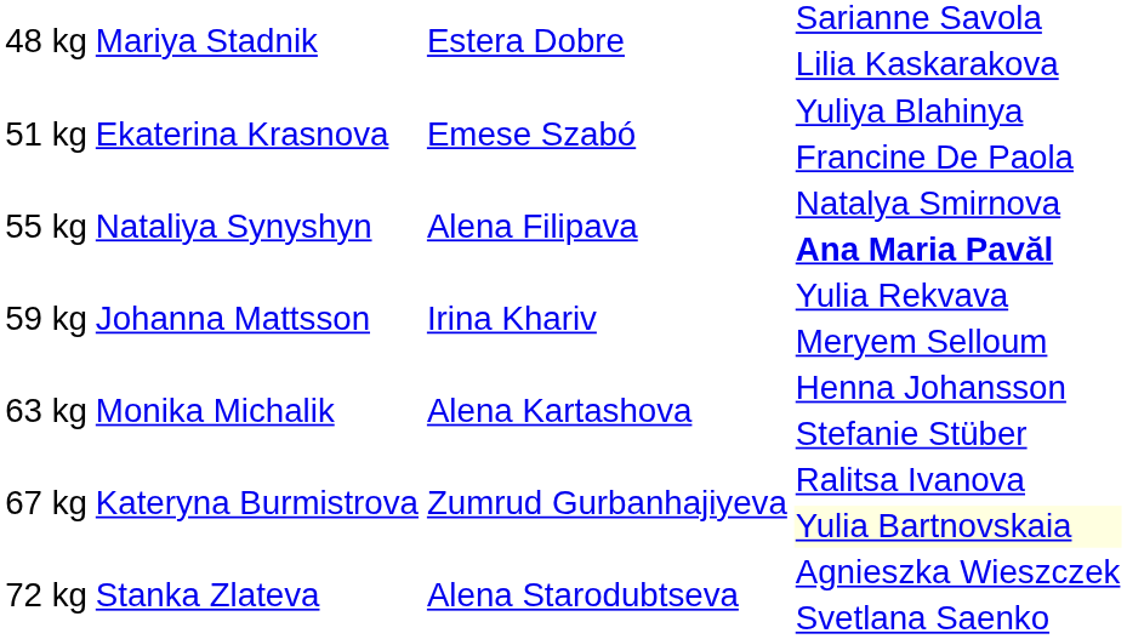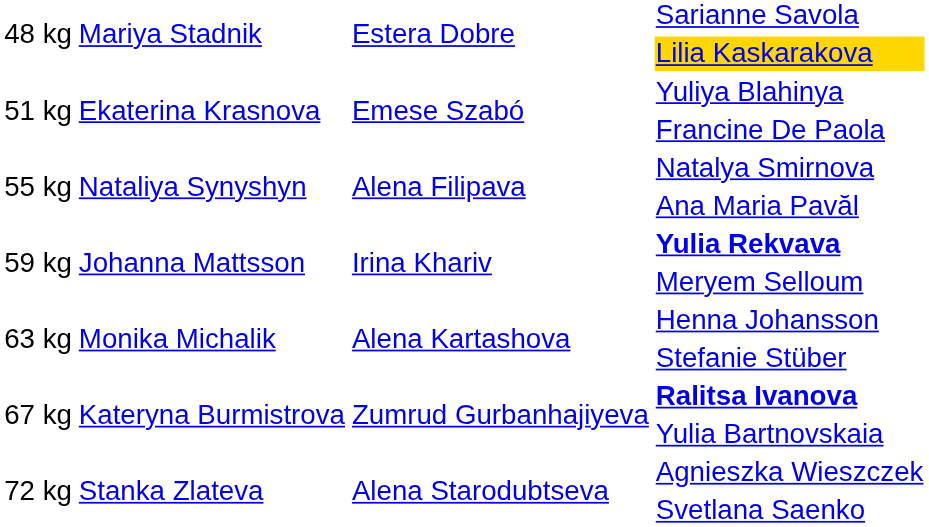 <table>
 <tr>
 <td rowspan=2>48 kg</td>
 <td rowspan=2> <a href='#'>Mariya Stadnik</a></td>
 <td rowspan=2> <a href='#'>Estera Dobre</a></td>
 <td> <a href='#'>Sarianne Savola</a></td>
 </tr>
 <tr>
-<td> <a href='#'>Lilia Kaskarakova</a></td>
+<td style="background: gold;"> <a href='#'>Lilia Kaskarakova</a></td>
 </tr>
 <tr>
 <td rowspan=2>51 kg</td>
 <td rowspan=2> <a href='#'>Ekaterina Krasnova</a></td>
 <td rowspan=2> <a href='#'>Emese Szabó</a></td>
 <td> <a href='#'>Yuliya Blahinya</a></td>
 </tr>
 <tr>
 <td> <a href='#'>Francine De Paola</a></td>
 </tr>
 <tr>
 <td rowspan=2>55 kg</td>
 <td rowspan=2> <a href='#'>Nataliya Synyshyn</a></td>
 <td rowspan=2> <a href='#'>Alena Filipava</a></td>
 <td> <a href='#'>Natalya Smirnova</a></td>
 </tr>
 <tr>
-<td><strong> <a href='#'>Ana Maria Pavăl</a></strong></td>
+<td> <a href='#'>Ana Maria Pavăl</a></td>
 </tr>
 <tr>
 <td rowspan=2>59 kg</td>
 <td rowspan=2> <a href='#'>Johanna Mattsson</a></td>
 <td rowspan=2> <a href='#'>Irina Khariv</a></td>
-<td> <a href='#'>Yulia Rekvava</a></td>
+<td><strong> <a href='#'>Yulia Rekvava</a></strong></td>
 </tr>
 <tr>
 <td> <a href='#'>Meryem Selloum</a></td>
 </tr>
 <tr>
 <td rowspan=2>63 kg</td>
 <td rowspan=2> <a href='#'>Monika Michalik</a></td>
 <td rowspan=2> <a href='#'>Alena Kartashova</a></td>
 <td> <a href='#'>Henna Johansson</a></td>
 </tr>
 <tr>
 <td> <a href='#'>Stefanie Stüber</a></td>
 </tr>
 <tr>
 <td rowspan=2>67 kg</td>
 <td rowspan=2> <a href='#'>Kateryna Burmistrova</a></td>
 <td rowspan=2> <a href='#'>Zumrud Gurbanhajiyeva</a></td>
-<td> <a href='#'>Ralitsa Ivanova</a></td>
+<td><strong> <a href='#'>Ralitsa Ivanova</a></strong></td>
 </tr>
 <tr>
-<td style="background: lightyellow;"> <a href='#'>Yulia Bartnovskaia</a></td>
+<td> <a href='#'>Yulia Bartnovskaia</a></td>
 </tr>
 <tr>
 <td rowspan=2>72 kg</td>
 <td rowspan=2> <a href='#'>Stanka Zlateva</a></td>
 <td rowspan=2> <a href='#'>Alena Starodubtseva</a></td>
 <td> <a href='#'>Agnieszka Wieszczek</a></td>
 </tr>
 <tr>
 <td> <a href='#'>Svetlana Saenko</a></td>
 </tr>
 </table>
